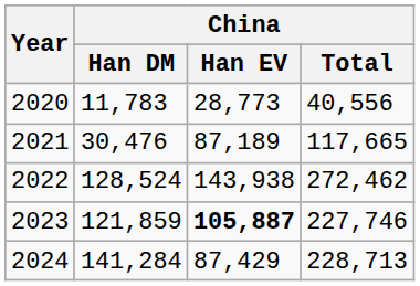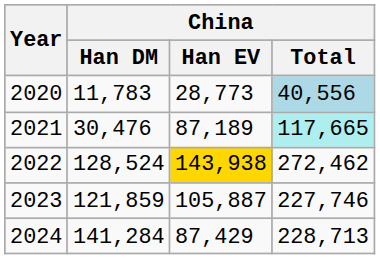 <table class="wikitable">
 <tr>
 <th rowspan="2">Year</th>
 <th colspan="3">China</th>
 </tr>
 <tr>
 <th>Han DM</th>
 <th>Han EV</th>
 <th>Total</th>
 </tr>
 <tr>
 <td>2020</td>
 <td>11,783</td>
 <td>28,773</td>
-<td>40,556</td>
+<td style="background: lightblue;">40,556</td>
 </tr>
 <tr>
 <td>2021</td>
 <td>30,476</td>
 <td>87,189</td>
-<td>117,665</td>
+<td style="background: paleturquoise;">117,665</td>
 </tr>
 <tr>
 <td>2022</td>
 <td>128,524</td>
-<td>143,938</td>
+<td style="background: gold;">143,938</td>
 <td>272,462</td>
 </tr>
 <tr>
 <td>2023</td>
 <td>121,859</td>
-<td><strong>105,887</strong></td>
+<td>105,887</td>
 <td>227,746</td>
 </tr>
 <tr>
 <td>2024</td>
 <td>141,284</td>
 <td>87,429</td>
 <td>228,713</td>
 </tr>
 </table>
